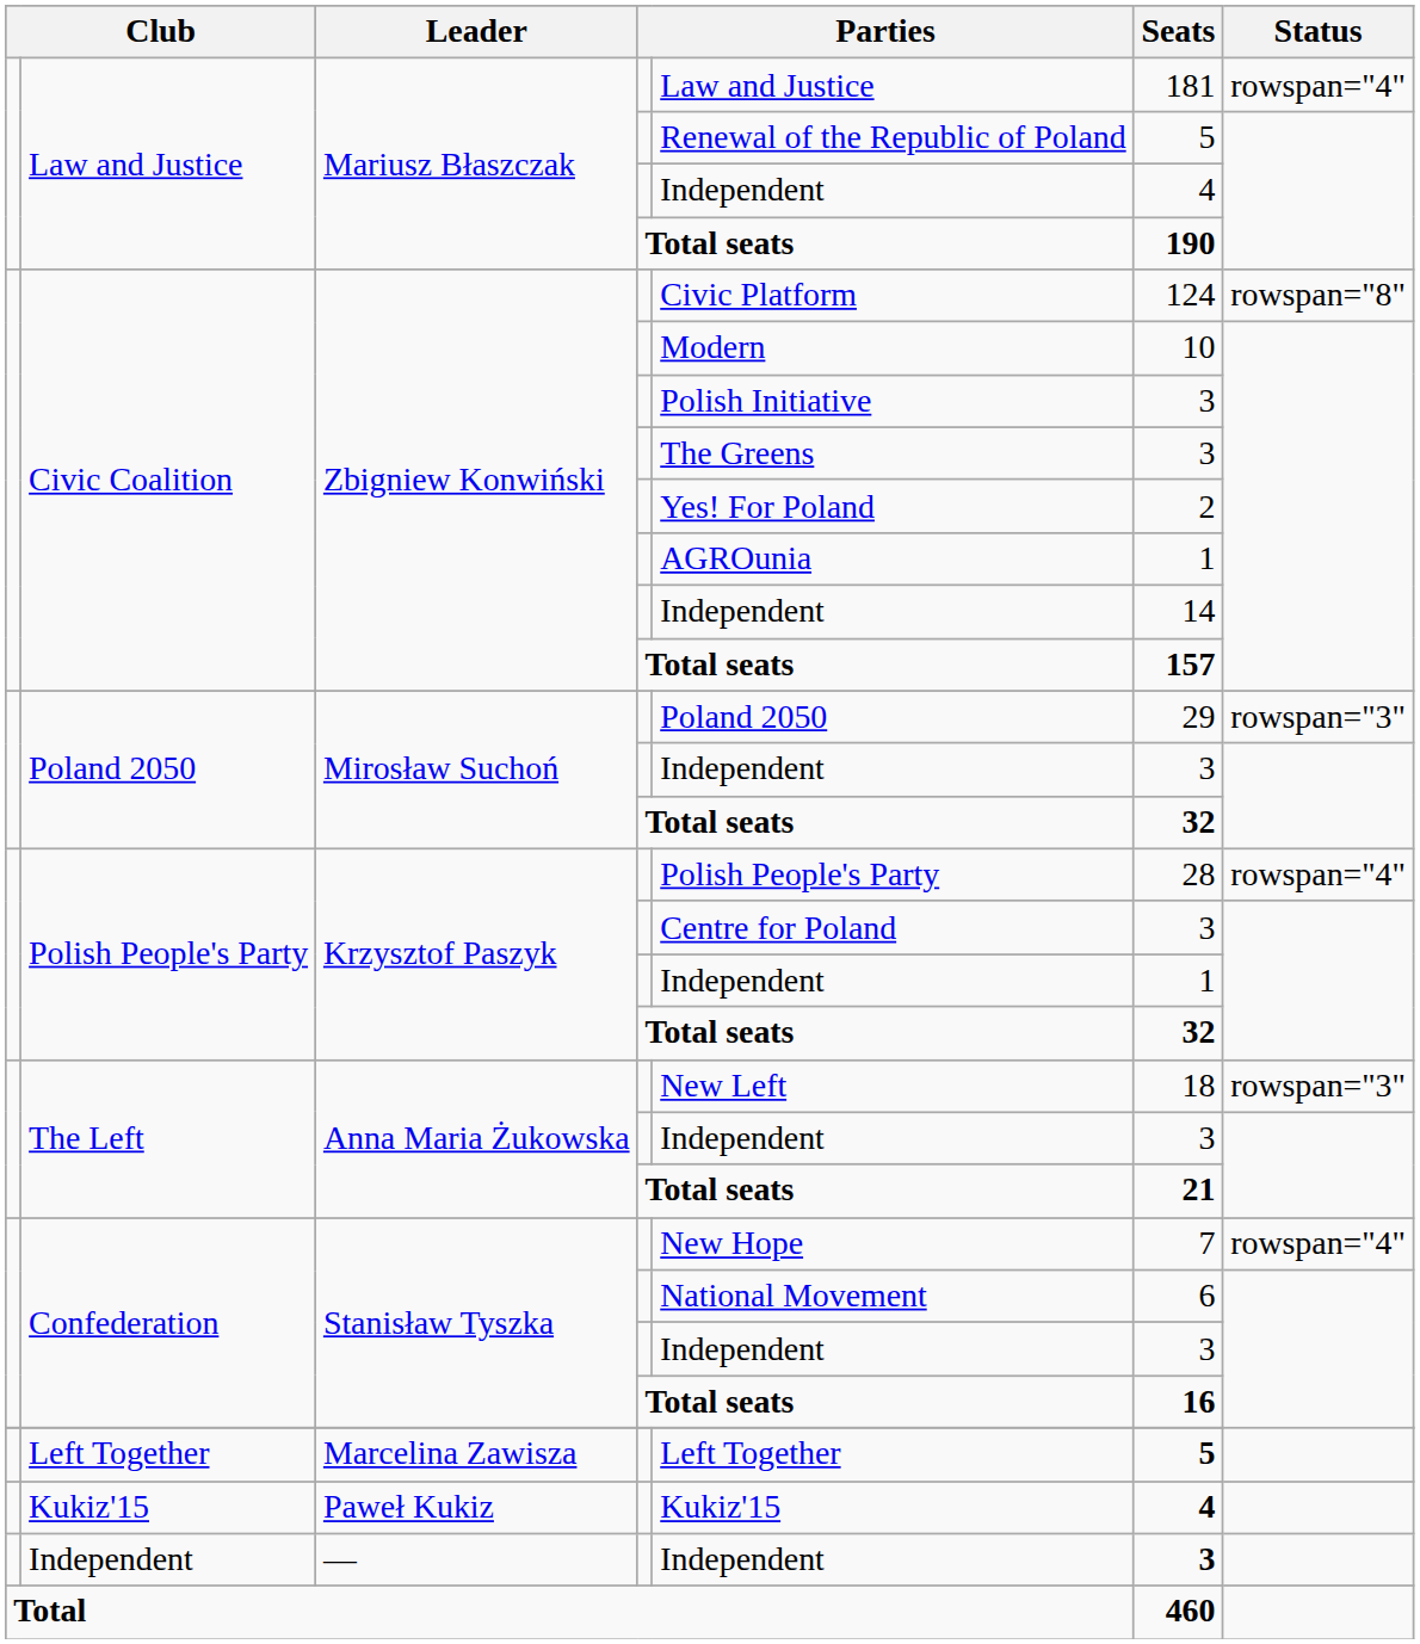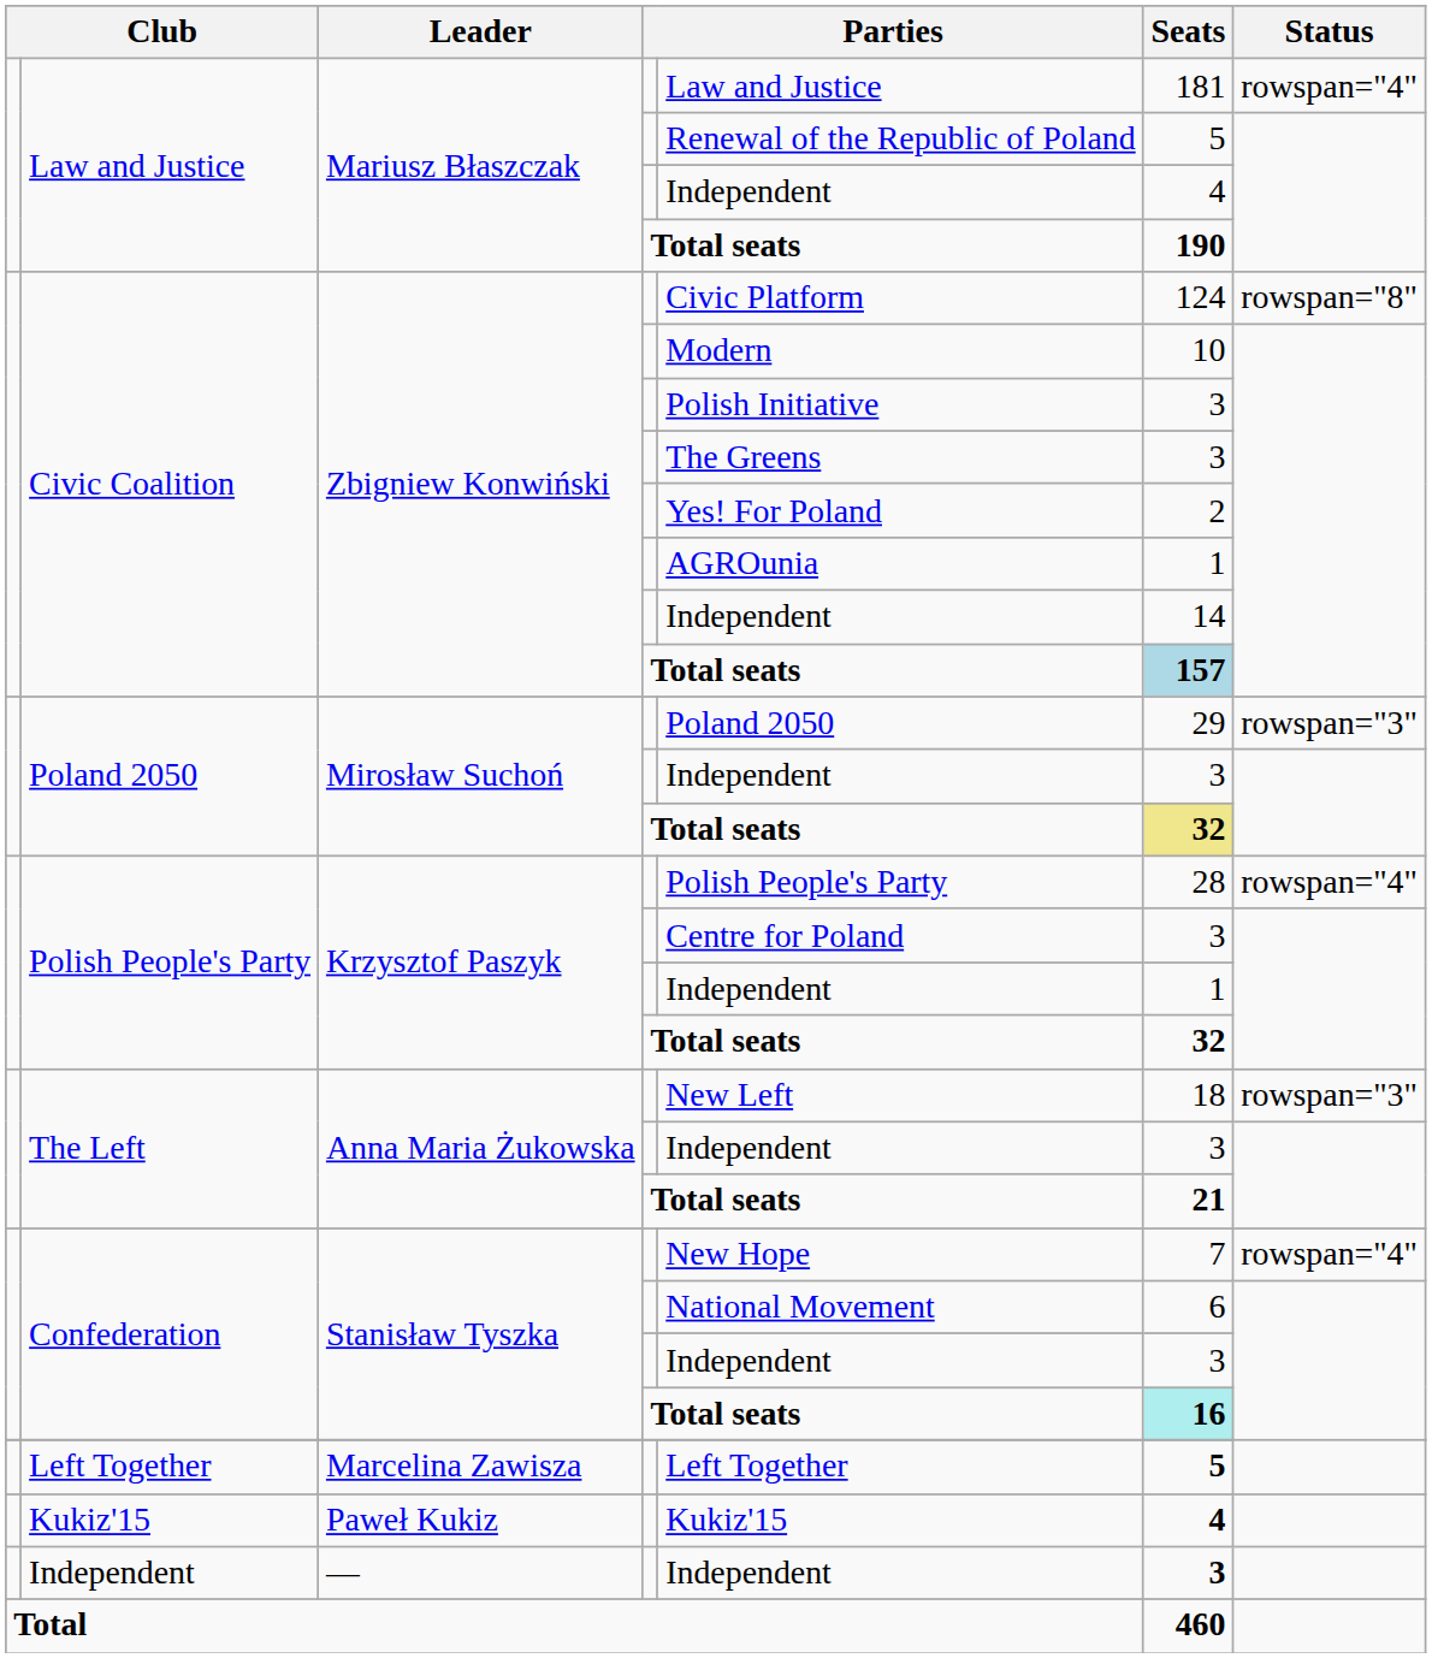 <table class="wikitable">
 <tr>
 <th colspan="2">Club</th>
 <th>Leader</th>
 <th colspan="2">Parties</th>
 <th>Seats</th>
 <th>Status</th>
 </tr>
 <tr>
 <td rowspan="4" style="background: "></td>
 <td rowspan="4"><a href='#'>Law and Justice</a></td>
 <td rowspan="4"><a href='#'>Mariusz Błaszczak</a></td>
 <td style="background: "></td>
 <td><a href='#'>Law and Justice</a></td>
 <td align=right>181</td>
 <td>rowspan="4" </td>
 </tr>
 <tr>
 <td style="background: "></td>
 <td><a href='#'>Renewal of the Republic of Poland</a></td>
 <td align=right>5</td>
 </tr>
 <tr>
 <td style="background: "></td>
 <td>Independent</td>
 <td align=right>4</td>
 </tr>
 <tr>
 <td colspan=2><strong>Total seats</strong></td>
 <td align=right><strong>190</strong></td>
 </tr>
 <tr>
 <td rowspan="8" style="background: "></td>
 <td rowspan="8"><a href='#'>Civic Coalition</a></td>
 <td rowspan="8"><a href='#'>Zbigniew Konwiński</a></td>
 <td style="background: "></td>
 <td><a href='#'>Civic Platform</a></td>
 <td align=right>124</td>
 <td>rowspan="8" </td>
 </tr>
 <tr>
 <td style="background: "></td>
 <td><a href='#'>Modern</a></td>
 <td align=right>10</td>
 </tr>
 <tr>
 <td style="background: "></td>
 <td><a href='#'>Polish Initiative</a></td>
 <td align=right>3</td>
 </tr>
 <tr>
 <td style="background: "></td>
 <td><a href='#'>The Greens</a></td>
 <td align=right>3</td>
 </tr>
 <tr>
 <td style="background: "></td>
 <td><a href='#'>Yes! For Poland</a></td>
 <td align=right>2</td>
 </tr>
 <tr>
 <td style="background: "></td>
 <td><a href='#'>AGROunia</a></td>
 <td align=right>1</td>
 </tr>
 <tr>
 <td style="background: "></td>
 <td>Independent</td>
 <td align=right>14</td>
 </tr>
 <tr>
 <td colspan=2><strong>Total seats</strong></td>
-<td align=right><strong>157</strong></td>
+<td align=right style="background: lightblue;"><strong>157</strong></td>
 </tr>
 <tr>
 <td rowspan="3" style="background: "></td>
 <td rowspan="3"><a href='#'>Poland 2050</a></td>
 <td rowspan="3"><a href='#'>Mirosław Suchoń</a></td>
 <td style="background: "></td>
 <td><a href='#'>Poland 2050</a></td>
 <td align=right>29</td>
 <td>rowspan="3" </td>
 </tr>
 <tr>
 <td style="background: "></td>
 <td>Independent</td>
 <td align=right>3</td>
 </tr>
 <tr>
 <td colspan=2><strong>Total seats</strong></td>
-<td align=right><strong>32</strong></td>
+<td align=right style="background: khaki;"><strong>32</strong></td>
 </tr>
 <tr>
 <td rowspan="4" style="background: "></td>
 <td rowspan="4"><a href='#'>Polish People's Party</a></td>
 <td rowspan="4"><a href='#'>Krzysztof Paszyk</a></td>
 <td style="background: "></td>
 <td><a href='#'>Polish People's Party</a></td>
 <td align=right>28</td>
 <td>rowspan="4" </td>
 </tr>
 <tr>
 <td style="background: "></td>
 <td><a href='#'>Centre for Poland</a></td>
 <td align=right>3</td>
 </tr>
 <tr>
 <td style="background: "></td>
 <td>Independent</td>
 <td align=right>1</td>
 </tr>
 <tr>
 <td colspan=2><strong>Total seats</strong></td>
 <td align=right><strong>32</strong></td>
 </tr>
 <tr>
 <td rowspan="3" style="background: "></td>
 <td rowspan="3"><a href='#'>The Left</a></td>
 <td rowspan="3"><a href='#'>Anna Maria Żukowska </a></td>
 <td style="background: "></td>
 <td><a href='#'>New Left</a></td>
 <td align=right>18</td>
 <td>rowspan="3" </td>
 </tr>
 <tr>
 <td style="background: "></td>
 <td>Independent</td>
 <td align=right>3</td>
 </tr>
 <tr>
 <td colspan="2"><strong>Total seats</strong></td>
 <td align=right><strong>21</strong></td>
 </tr>
 <tr>
 <td rowspan="4" style="background: "></td>
 <td rowspan="4"><a href='#'>Confederation</a></td>
 <td rowspan="4"><a href='#'>Stanisław Tyszka</a></td>
 <td style="background: "></td>
 <td><a href='#'>New Hope</a></td>
 <td align=right>7</td>
 <td>rowspan="4" </td>
 </tr>
 <tr>
 <td style="background: "></td>
 <td><a href='#'>National Movement</a></td>
 <td align=right>6</td>
 </tr>
 <tr>
 <td style="background: "></td>
 <td>Independent</td>
 <td align=right>3</td>
 </tr>
 <tr>
 <td colspan=2><strong>Total seats</strong></td>
-<td align=right><strong>16</strong></td>
+<td align=right style="background: paleturquoise;"><strong>16</strong></td>
 </tr>
 <tr>
 </tr>
 <tr>
 <td style="background: "></td>
 <td><a href='#'>Left Together</a></td>
 <td><a href='#'>Marcelina Zawisza</a></td>
 <td style="background: "></td>
 <td><a href='#'>Left Together</a></td>
 <td align="right"><strong>5</strong></td>
 <td></td>
 </tr>
 <tr>
 <td style="background: "></td>
 <td><a href='#'>Kukiz'15</a></td>
 <td><a href='#'>Paweł Kukiz</a></td>
 <td style="background: "></td>
 <td><a href='#'>Kukiz'15</a></td>
 <td align=right><strong>4</strong></td>
 <td></td>
 </tr>
 <tr>
 <td style="background: "></td>
 <td>Independent</td>
 <td>—</td>
 <td style="background: "></td>
 <td>Independent</td>
 <td align=right><strong>3</strong></td>
 <td></td>
 </tr>
 <tr>
 <td colspan=5><strong>Total</strong></td>
 <td align=right><strong>460</strong></td>
 </tr>
 </table>
